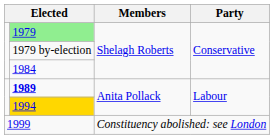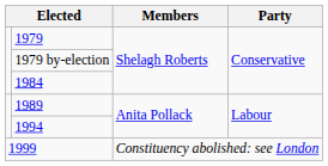 <table class="wikitable">
 <tr>
 <th colspan = "2">Elected</th>
 <th>Members</th>
 <th>Party</th>
 </tr>
 <tr>
 <td rowspan="3" style="background-color: "></td>
-<td style="background: lightgreen;"><a href='#'>1979</a></td>
+<td><a href='#'>1979</a></td>
 <td rowspan = "3"><a href='#'>Shelagh Roberts</a></td>
 <td rowspan = "3"><a href='#'>Conservative</a></td>
 </tr>
 <tr>
 <td>1979 by-election</td>
 </tr>
 <tr>
 <td><a href='#'>1984</a></td>
 </tr>
 <tr>
 <td rowspan="2" style="background-color: "></td>
-<td><strong><a href='#'>1989</a></strong></td>
+<td><a href='#'>1989</a></td>
 <td rowspan = "2"><a href='#'>Anita Pollack</a></td>
 <td rowspan = "2"><a href='#'>Labour</a></td>
 </tr>
 <tr>
-<td style="background: gold;"><a href='#'>1994</a></td>
+<td><a href='#'>1994</a></td>
 </tr>
 <tr>
 <td colspan="2"><a href='#'>1999</a></td>
 <td colspan="2"><em>Constituency abolished: see <a href='#'>London</a></em></td>
 </tr>
 </table>
